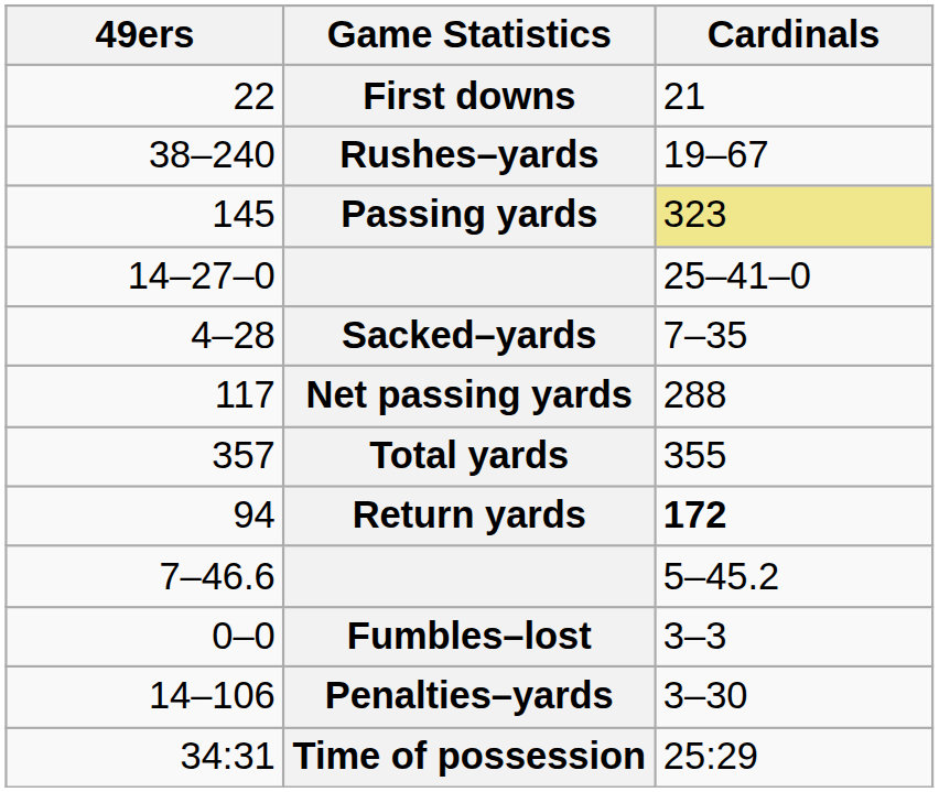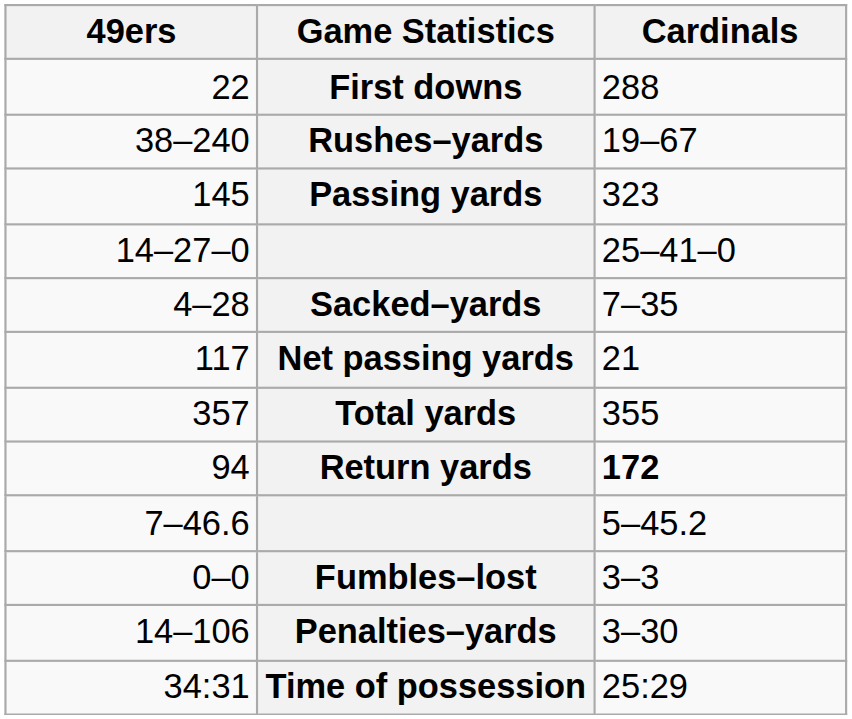 <table class="wikitable" style="margin: 1em auto 1em auto">
 <tr>
 <th style="width:30%;">49ers</th>
 <th style="width:40%;">Game Statistics</th>
 <th style="width:30%;">Cardinals</th>
 </tr>
 <tr>
 <td style="text-align:right;">22</td>
 <th>First downs</th>
-<td>21</td>
+<td>288</td>
 </tr>
 <tr>
 <td style="text-align:right;">38–240</td>
 <th>Rushes–yards</th>
 <td>19–67</td>
 </tr>
 <tr>
 <td style="text-align:right;">145</td>
 <th>Passing yards</th>
-<td style="background: khaki;">323</td>
+<td>323</td>
 </tr>
 <tr>
 <td style="text-align:right;">14–27–0</td>
 <th></th>
 <td>25–41–0</td>
 </tr>
 <tr>
 <td style="text-align:right;">4–28</td>
 <th>Sacked–yards</th>
 <td>7–35</td>
 </tr>
 <tr>
 <td style="text-align:right;">117</td>
 <th>Net passing yards</th>
-<td>288</td>
+<td>21</td>
 </tr>
 <tr>
 <td style="text-align:right;">357</td>
 <th>Total yards</th>
 <td>355</td>
 </tr>
 <tr>
 <td style="text-align:right;">94</td>
 <th>Return yards</th>
 <td><strong>172</strong></td>
 </tr>
 <tr>
 <td style="text-align:right;">7–46.6</td>
 <th></th>
 <td>5–45.2</td>
 </tr>
 <tr>
 <td style="text-align:right;">0–0</td>
 <th>Fumbles–lost</th>
 <td>3–3</td>
 </tr>
 <tr>
 <td style="text-align:right;">14–106</td>
 <th>Penalties–yards</th>
 <td>3–30</td>
 </tr>
 <tr>
 <td style="text-align:right;">34:31</td>
 <th>Time of possession</th>
 <td>25:29</td>
 </tr>
 </table>
